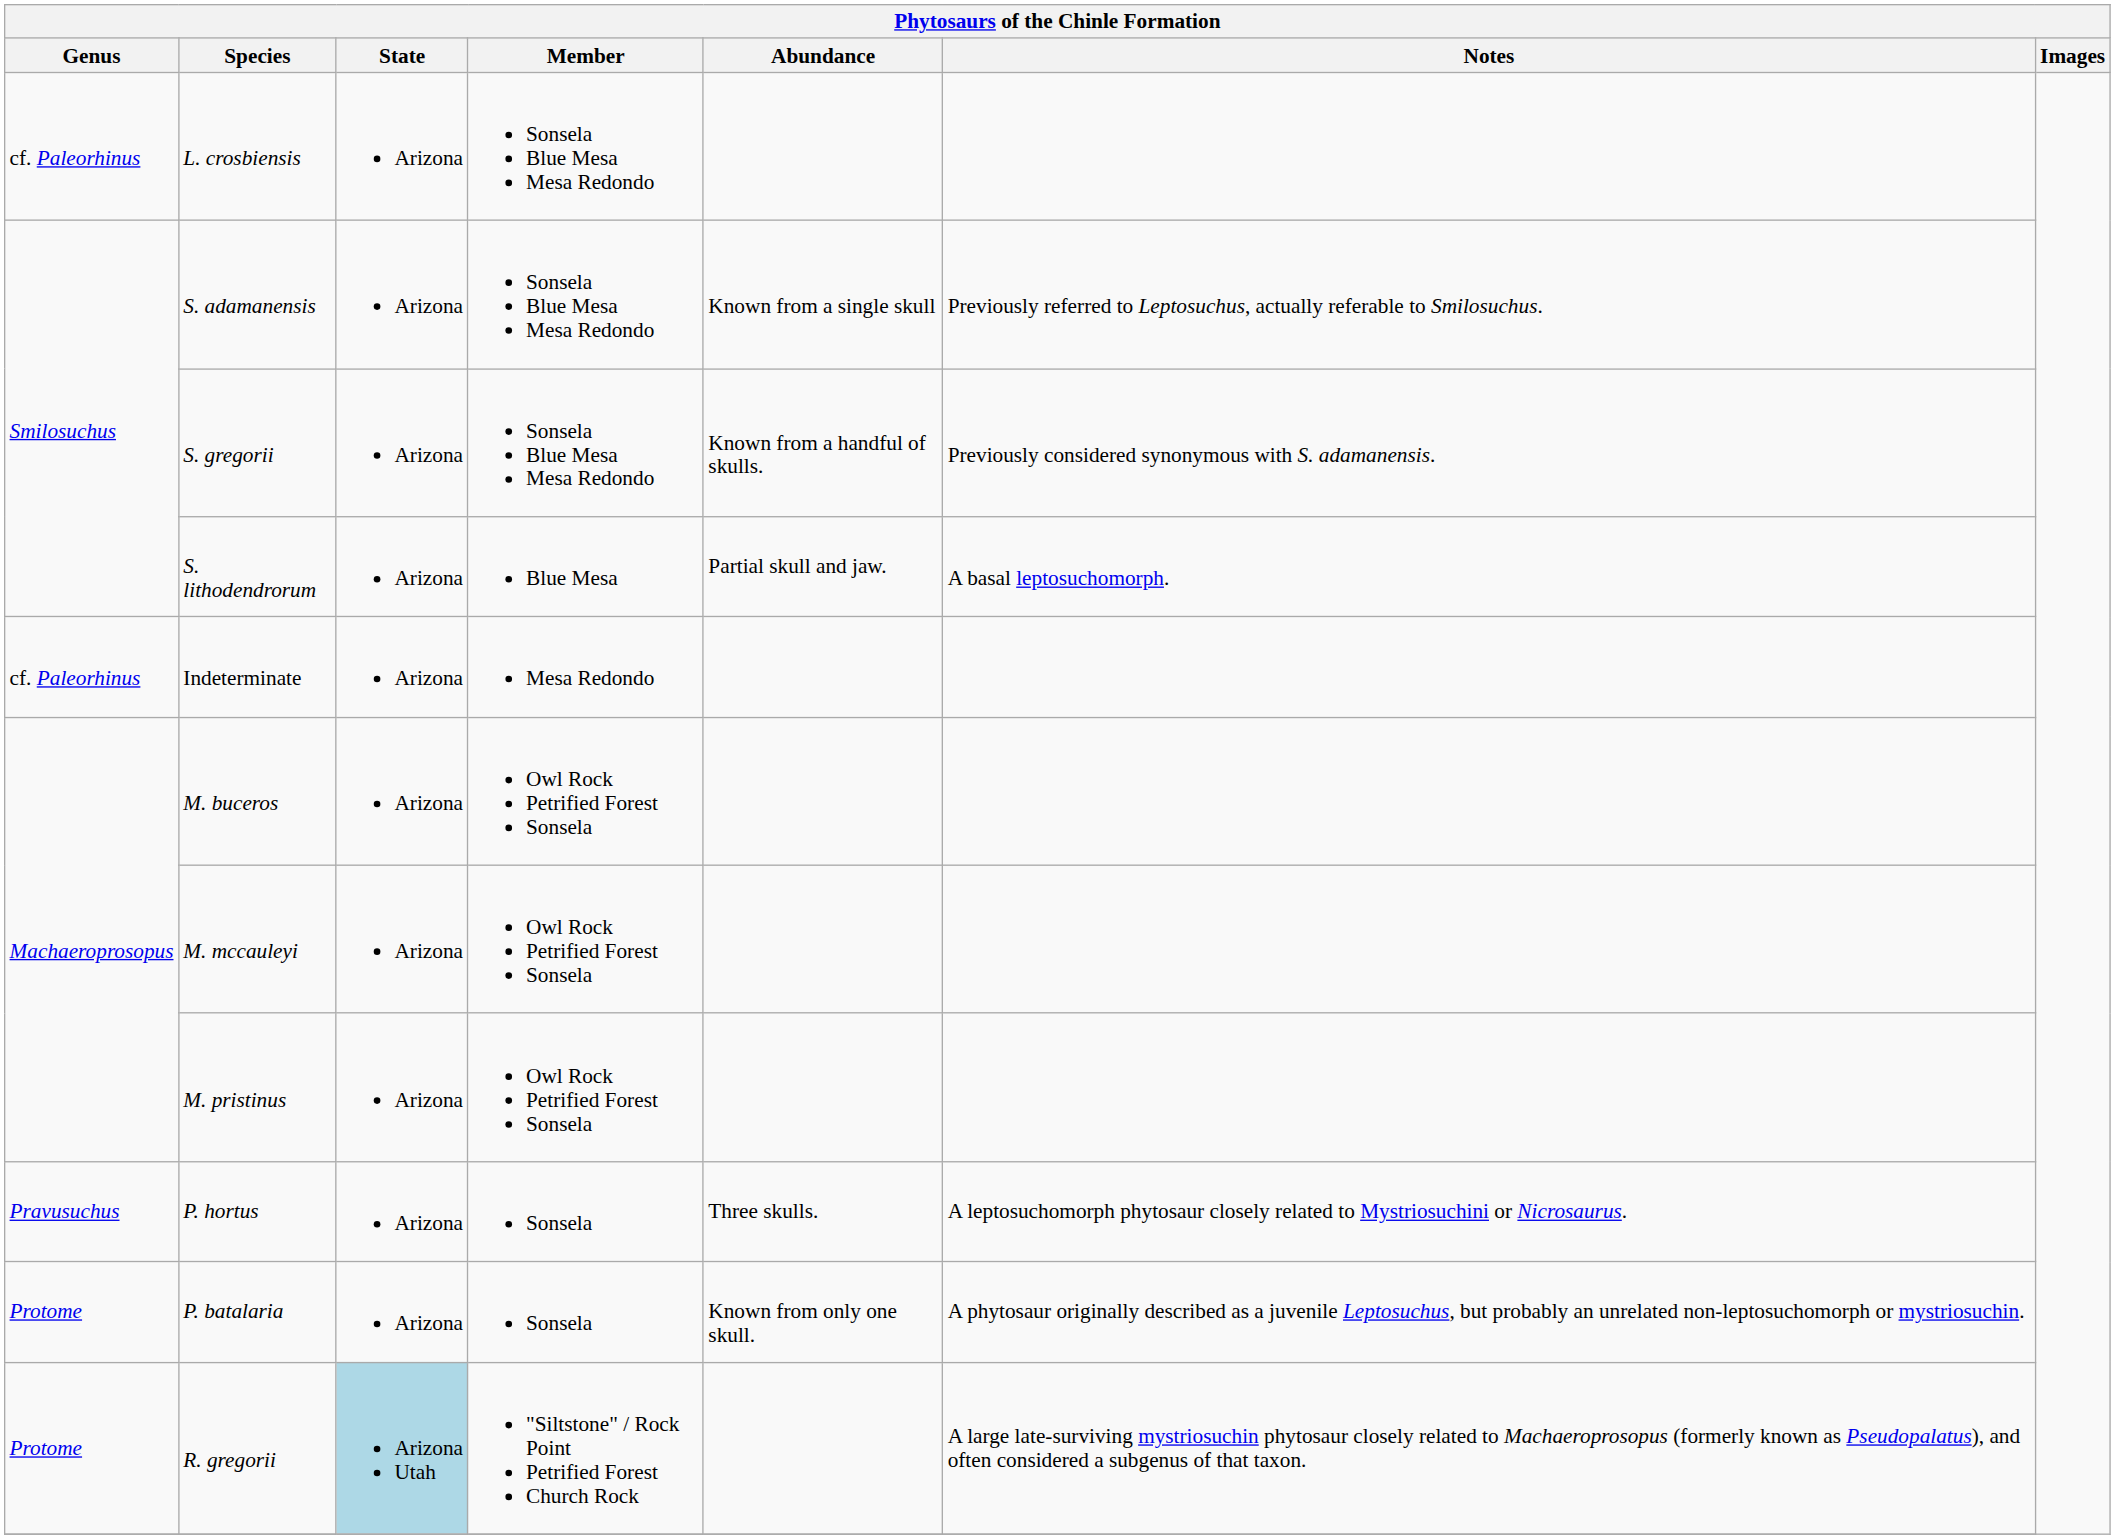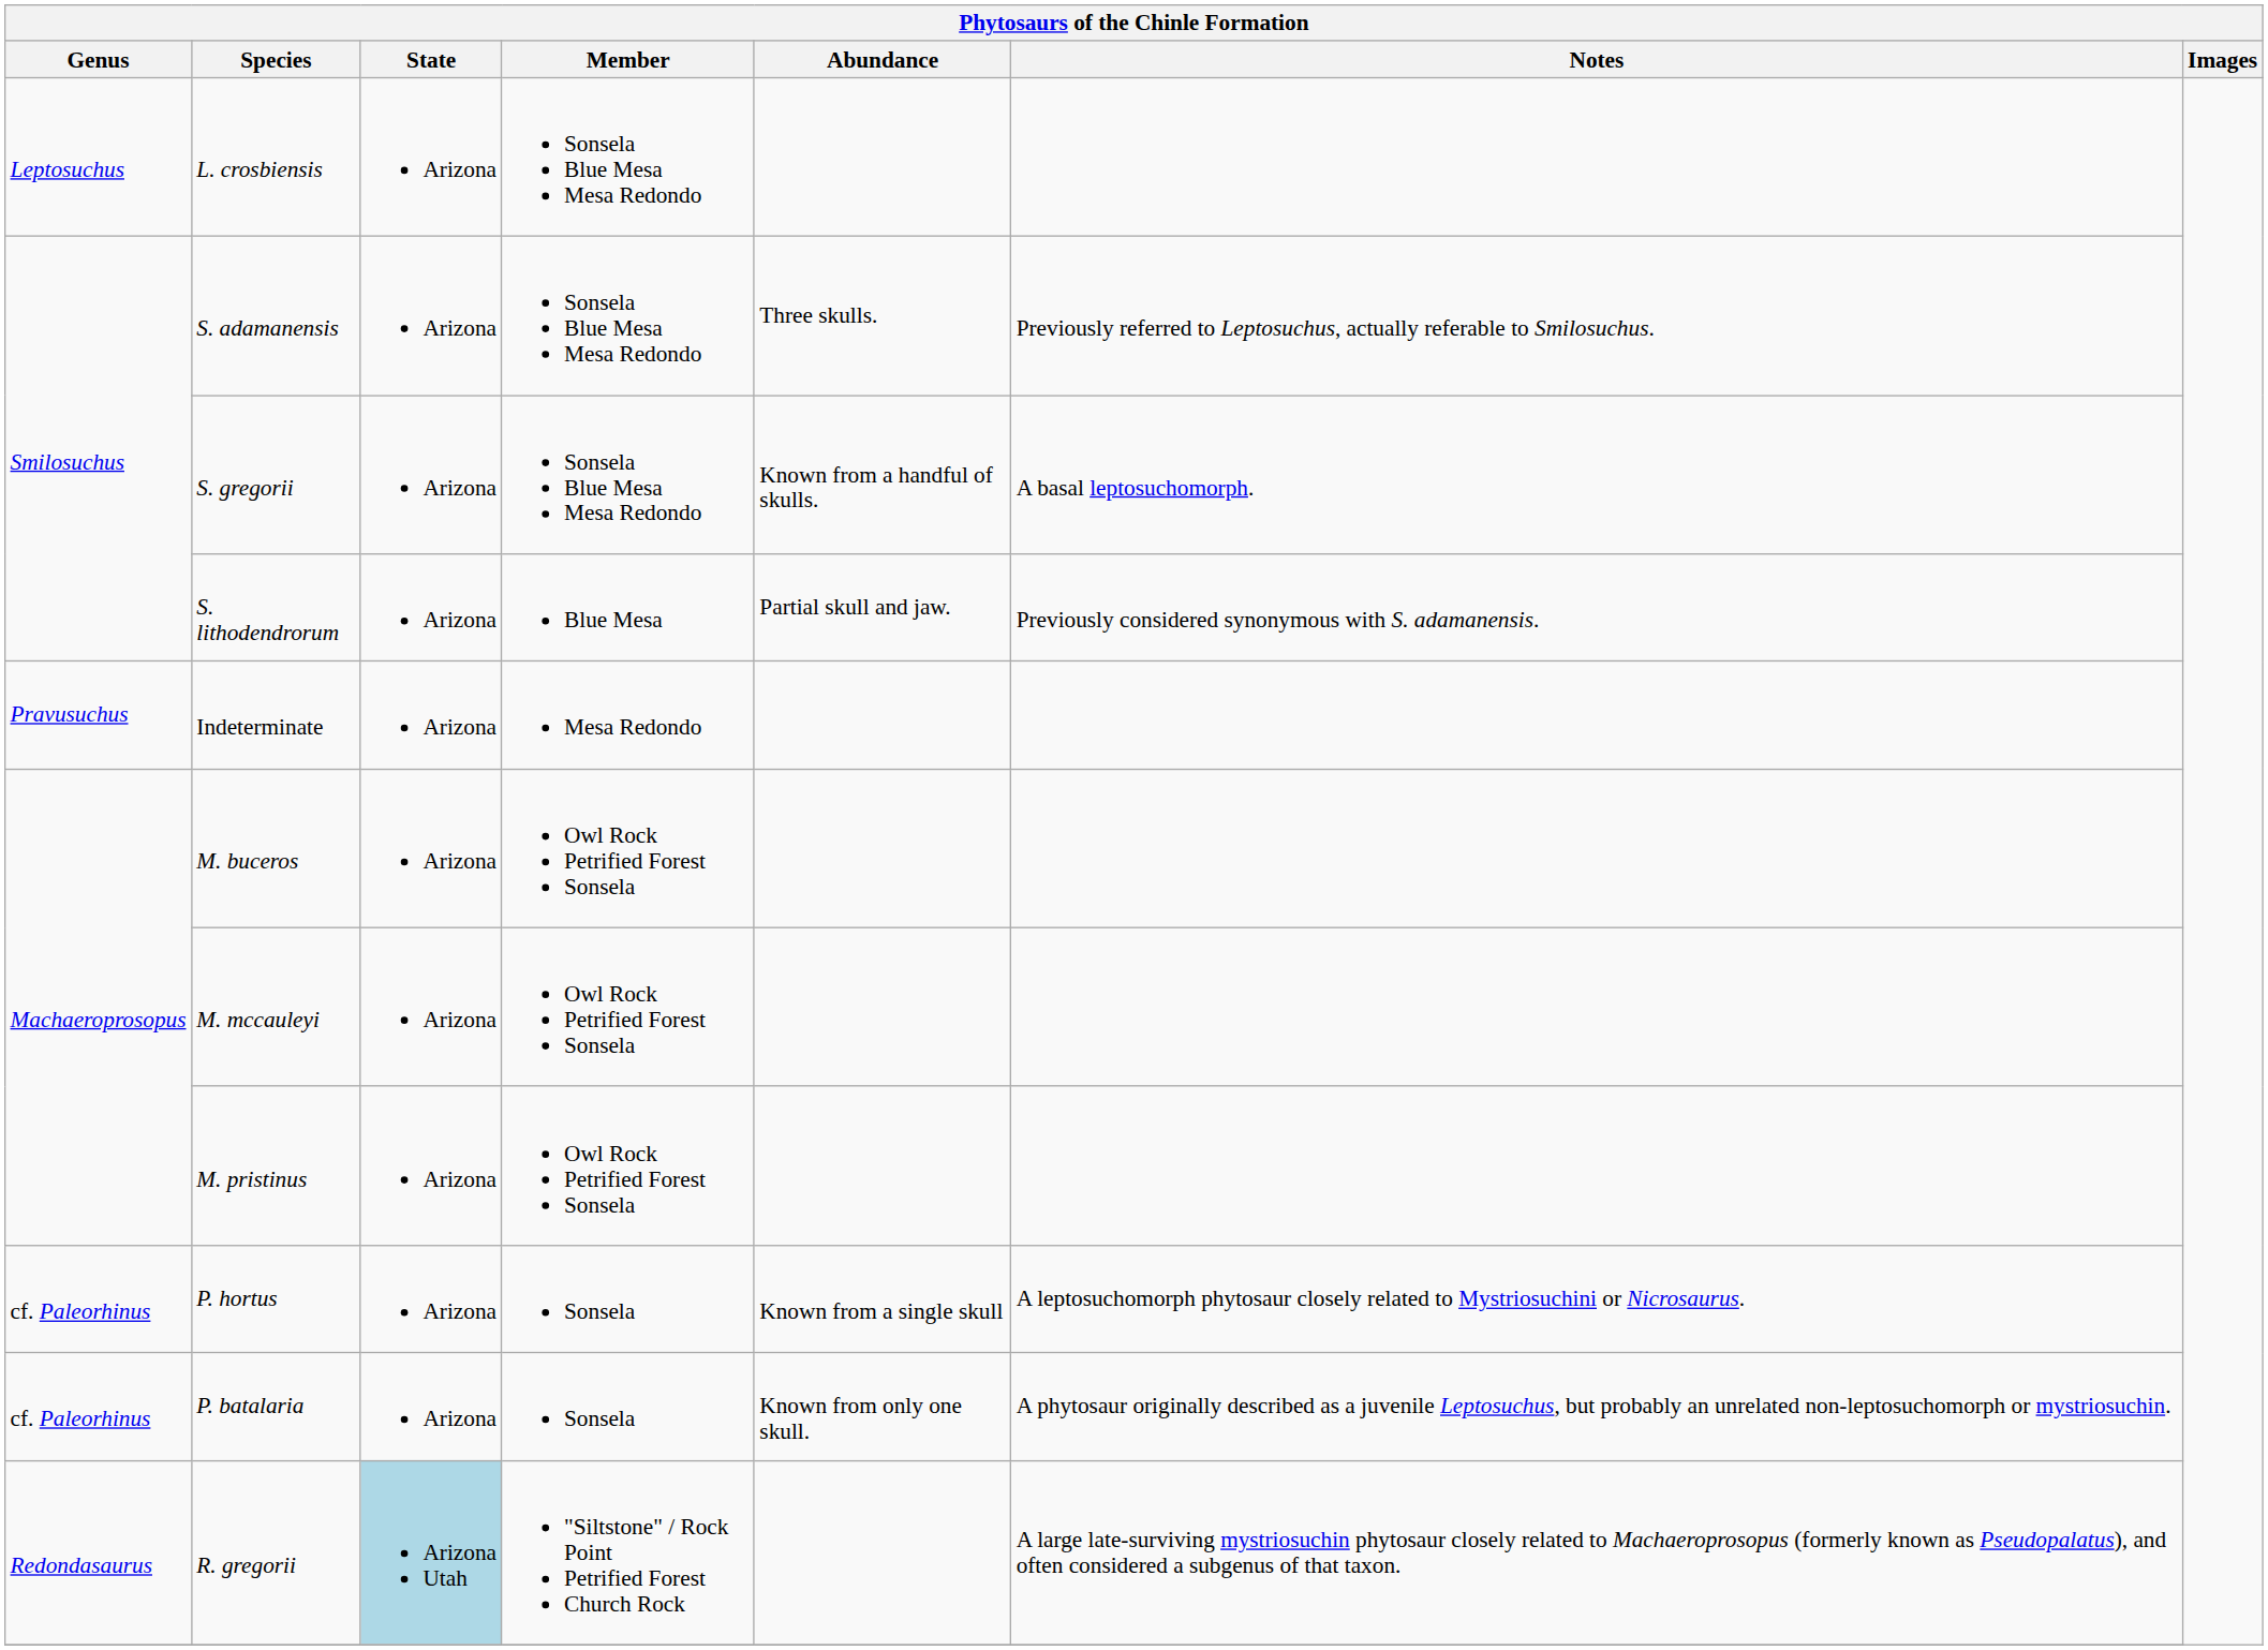 <table class="wikitable" align="center" width="100%">
 <tr>
 <th colspan="7" align="center"><strong><a href='#'>Phytosaurs</a> of the Chinle Formation</strong></th>
 </tr>
 <tr>
 <th>Genus</th>
 <th>Species</th>
 <th>State</th>
 <th>Member</th>
 <th>Abundance</th>
 <th>Notes</th>
 <th>Images</th>
 </tr>
 <tr>
-<td><br>cf. <em><a href='#'>Paleorhinus</a></em></td>
+<td rowspan="1"><br><em><a href='#'>Leptosuchus</a></em></td>
 <td><br><em>L. crosbiensis</em></td>
 <td><br><ul><li>Arizona</li></ul></td>
 <td><br><ul><li>Sonsela</li><li>Blue Mesa</li><li>Mesa Redondo</li></ul></td>
 <td></td>
 <td></td>
 <td rowspan="99"><br>  </td>
 </tr>
 <tr>
 <td rowspan="3"><br><em><a href='#'>Smilosuchus</a></em></td>
 <td><br><em>S. adamanensis</em></td>
 <td><br><ul><li>Arizona</li></ul></td>
 <td><br><ul><li>Sonsela</li><li>Blue Mesa</li><li>Mesa Redondo</li></ul></td>
-<td><br>Known from a single skull</td>
+<td>Three skulls.</td>
 <td><br>Previously referred to <em>Leptosuchus</em>, actually referable to <em>Smilosuchus</em>.</td>
 </tr>
 <tr>
 <td><br><em>S. gregorii</em></td>
 <td><br><ul><li>Arizona</li></ul></td>
 <td><br><ul><li>Sonsela</li><li>Blue Mesa</li><li>Mesa Redondo</li></ul></td>
 <td><br>Known from a handful of skulls.</td>
-<td><br>Previously considered synonymous with <em>S. adamanensis</em>.</td>
+<td><br>A basal <a href='#'>leptosuchomorph</a>.</td>
 </tr>
 <tr>
 <td><br><em>S. lithodendrorum</em></td>
 <td><br><ul><li>Arizona</li></ul></td>
 <td><br><ul><li>Blue Mesa</li></ul></td>
 <td>Partial skull and jaw.</td>
-<td><br>A basal <a href='#'>leptosuchomorph</a>.</td>
+<td><br>Previously considered synonymous with <em>S. adamanensis</em>.</td>
 </tr>
 <tr>
-<td><br>cf. <em><a href='#'>Paleorhinus</a></em></td>
+<td><em><a href='#'>Pravusuchus</a></em></td>
 <td><br>Indeterminate</td>
 <td><br><ul><li>Arizona</li></ul></td>
 <td><br><ul><li>Mesa Redondo</li></ul></td>
 <td></td>
 <td></td>
 </tr>
 <tr>
 <td rowspan="3"><br><em><a href='#'>Machaeroprosopus</a></em></td>
 <td><br><em>M. buceros</em></td>
 <td><br><ul><li>Arizona</li></ul></td>
 <td><br><ul><li>Owl Rock</li><li>Petrified Forest</li><li>Sonsela</li></ul></td>
 <td></td>
 <td></td>
 </tr>
 <tr>
 <td><br><em>M. mccauleyi</em></td>
 <td><br><ul><li>Arizona</li></ul></td>
 <td><br><ul><li>Owl Rock</li><li>Petrified Forest</li><li>Sonsela</li></ul></td>
 <td></td>
 <td></td>
 </tr>
 <tr>
 <td><br><em>M. pristinus</em></td>
 <td><br><ul><li>Arizona</li></ul></td>
 <td><br><ul><li>Owl Rock</li><li>Petrified Forest</li><li>Sonsela</li></ul></td>
 <td></td>
 <td></td>
 </tr>
 <tr>
-<td><em><a href='#'>Pravusuchus</a></em></td>
+<td><br>cf. <em><a href='#'>Paleorhinus</a></em></td>
 <td><em>P. hortus</em></td>
 <td><br><ul><li>Arizona</li></ul></td>
 <td><br><ul><li>Sonsela</li></ul></td>
-<td>Three skulls.</td>
+<td><br>Known from a single skull</td>
 <td>A leptosuchomorph phytosaur closely related to <a href='#'>Mystriosuchini</a> or <em><a href='#'>Nicrosaurus</a></em>.</td>
 </tr>
 <tr>
-<td><em><a href='#'>Protome</a></em></td>
+<td><br>cf. <em><a href='#'>Paleorhinus</a></em></td>
 <td><em>P. batalaria</em></td>
 <td><br><ul><li>Arizona</li></ul></td>
 <td><br><ul><li>Sonsela</li></ul></td>
 <td><br>Known from only one skull.</td>
 <td>A phytosaur originally described as a juvenile <em><a href='#'>Leptosuchus</a></em>, but probably an unrelated non-leptosuchomorph or <a href='#'>mystriosuchin</a>.</td>
 </tr>
 <tr>
-<td><em><a href='#'>Protome</a></em></td>
+<td><br><em><a href='#'>Redondasaurus</a></em></td>
 <td><br><em>R. gregorii</em></td>
 <td style="background: lightblue;"><br><ul><li>Arizona</li><li>Utah</li></ul></td>
 <td><br><ul><li>"Siltstone" / Rock Point</li><li>Petrified Forest</li><li>Church Rock</li></ul></td>
 <td></td>
 <td>A large late-surviving <a href='#'>mystriosuchin</a> phytosaur closely related to <em>Machaeroprosopus</em> (formerly known as <em><a href='#'>Pseudopalatus</a></em>), and often considered a subgenus of that taxon.</td>
 </tr>
 <tr>
 </tr>
 </table>
